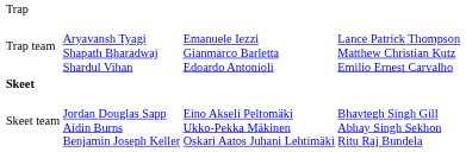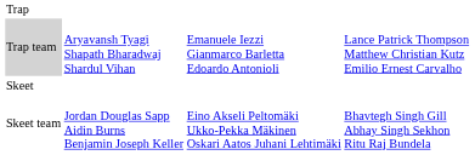 <table>
 <tr>
 <td>Trap<br></td>
 <td colspan=2></td>
 <td colspan=2></td>
 <td colspan=2></td>
 </tr>
 <tr>
-<td>Trap team<br></td>
+<td style="background: lightgrey;">Trap team<br></td>
 <td colspan=2><br><a href='#'>Aryavansh Tyagi</a><br><a href='#'>Shapath Bharadwaj</a><br><a href='#'>Shardul Vihan</a></td>
 <td colspan=2><br><a href='#'>Emanuele Iezzi</a><br><a href='#'>Gianmarco Barletta</a><br><a href='#'>Edoardo Antonioli</a></td>
 <td colspan=2><br><a href='#'>Lance Patrick Thompson</a><br><a href='#'>Matthew Christian Kutz</a><br><a href='#'>Emilio Ernest Carvalho</a></td>
 </tr>
 <tr>
-<td><strong>Skeet<br></strong></td>
+<td>Skeet<br></td>
 <td colspan=2></td>
 <td colspan=2></td>
 <td colspan=2></td>
 </tr>
 <tr>
 <td>Skeet team<br></td>
 <td colspan=2><br><a href='#'>Jordan Douglas Sapp</a><br><a href='#'>Aidin Burns</a><br><a href='#'>Benjamin Joseph Keller</a></td>
 <td colspan=2><br><a href='#'>Eino Akseli Peltomäki</a><br><a href='#'>Ukko-Pekka Mäkinen</a><br><a href='#'>Oskari Aatos Juhani Lehtimäki</a></td>
 <td colspan=2><br><a href='#'>Bhavtegh Singh Gill</a><br><a href='#'>Abhay Singh Sekhon</a><br><a href='#'>Ritu Raj Bundela</a></td>
 </tr>
 </table>
